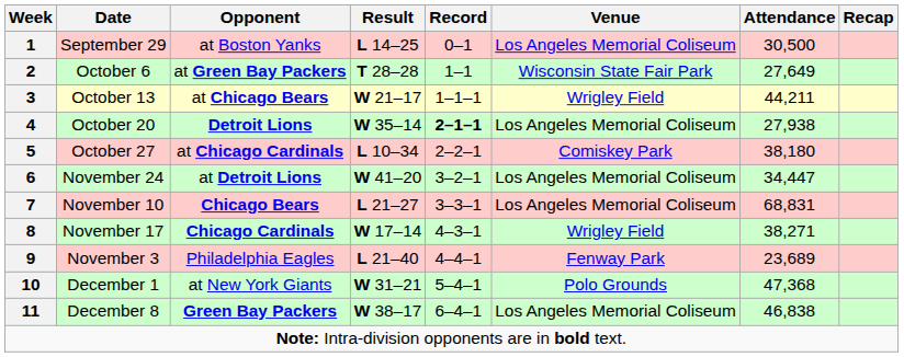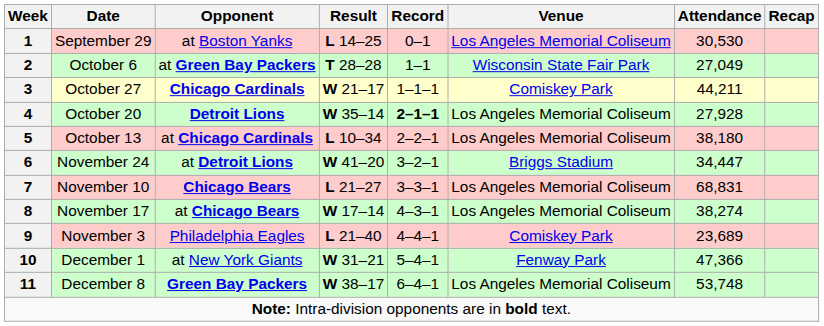 <table class="wikitable" style="text-align:center">
 <tr>
 <th>Week</th>
 <th>Date</th>
 <th>Opponent</th>
 <th>Result</th>
 <th>Record</th>
 <th>Venue</th>
 <th>Attendance</th>
 <th>Recap</th>
 </tr>
 <tr style="background:#fcc">
 <th>1</th>
 <td>September 29</td>
 <td>at <a href='#'>Boston Yanks</a></td>
 <td><strong>L</strong> 14–25</td>
 <td>0–1</td>
 <td><a href='#'>Los Angeles Memorial Coliseum</a></td>
-<td>30,500</td>
+<td>30,530</td>
 <td></td>
 </tr>
 <tr style="background:#cfc">
 <th>2</th>
 <td>October 6</td>
 <td>at <strong><a href='#'>Green Bay Packers</a></strong></td>
 <td><strong>T</strong> 28–28</td>
 <td>1–1</td>
 <td><a href='#'>Wisconsin State Fair Park</a></td>
-<td>27,649</td>
+<td>27,049</td>
 <td></td>
 </tr>
 <tr style="background:#ffc">
 <th>3</th>
-<td>October 13</td>
-<td>at <strong><a href='#'>Chicago Bears</a></strong></td>
+<td>October 27</td>
+<td><strong><a href='#'>Chicago Cardinals</a></strong></td>
 <td><strong>W</strong> 21–17</td>
 <td>1–1–1</td>
-<td><a href='#'>Wrigley Field</a></td>
+<td><a href='#'>Comiskey Park</a></td>
 <td>44,211</td>
 <td></td>
 </tr>
 <tr style="background:#cfc">
 <th>4</th>
 <td>October 20</td>
 <td><strong><a href='#'>Detroit Lions</a></strong></td>
 <td><strong>W</strong> 35–14</td>
 <td><strong>2–1–1</strong></td>
 <td>Los Angeles Memorial Coliseum</td>
-<td>27,938</td>
+<td>27,928</td>
 <td></td>
 </tr>
 <tr style="background:#fcc">
 <th>5</th>
-<td>October 27</td>
+<td>October 13</td>
 <td>at <strong><a href='#'>Chicago Cardinals</a></strong></td>
 <td><strong>L</strong> 10–34</td>
 <td>2–2–1</td>
-<td><a href='#'>Comiskey Park</a></td>
+<td>Los Angeles Memorial Coliseum</td>
 <td>38,180</td>
 <td></td>
 </tr>
 <tr style="background:#cfc">
 <th>6</th>
 <td>November 24</td>
 <td>at <strong><a href='#'>Detroit Lions</a></strong></td>
 <td><strong>W</strong> 41–20</td>
 <td>3–2–1</td>
-<td>Los Angeles Memorial Coliseum</td>
+<td><a href='#'>Briggs Stadium</a></td>
 <td>34,447</td>
 <td></td>
 </tr>
 <tr style="background:#fcc">
 <th>7</th>
 <td>November 10</td>
 <td><strong><a href='#'>Chicago Bears</a></strong></td>
 <td><strong>L</strong> 21–27</td>
 <td>3–3–1</td>
 <td>Los Angeles Memorial Coliseum</td>
 <td>68,831</td>
 <td></td>
 </tr>
 <tr style="background:#cfc">
 <th>8</th>
 <td>November 17</td>
-<td><strong><a href='#'>Chicago Cardinals</a></strong></td>
+<td>at <strong><a href='#'>Chicago Bears</a></strong></td>
 <td><strong>W</strong> 17–14</td>
 <td>4–3–1</td>
-<td><a href='#'>Wrigley Field</a></td>
-<td>38,271</td>
+<td>Los Angeles Memorial Coliseum</td>
+<td>38,274</td>
 <td></td>
 </tr>
 <tr style="background:#fcc">
 <th>9</th>
 <td>November 3</td>
 <td><a href='#'>Philadelphia Eagles</a></td>
 <td><strong>L</strong> 21–40</td>
 <td>4–4–1</td>
-<td><a href='#'>Fenway Park</a></td>
+<td><a href='#'>Comiskey Park</a></td>
 <td>23,689</td>
 <td></td>
 </tr>
 <tr style="background:#cfc">
 <th>10</th>
 <td>December 1</td>
 <td>at <a href='#'>New York Giants</a></td>
 <td><strong>W</strong> 31–21</td>
 <td>5–4–1</td>
-<td><a href='#'>Polo Grounds</a></td>
-<td>47,368</td>
+<td><a href='#'>Fenway Park</a></td>
+<td>47,366</td>
 <td></td>
 </tr>
 <tr style="background:#cfc">
 <th>11</th>
 <td>December 8</td>
 <td><strong><a href='#'>Green Bay Packers</a></strong></td>
 <td><strong>W</strong> 38–17</td>
 <td>6–4–1</td>
 <td>Los Angeles Memorial Coliseum</td>
-<td>46,838</td>
+<td>53,748</td>
 <td></td>
 </tr>
 <tr>
 <td colspan="8"><strong>Note:</strong> Intra-division opponents are in <strong>bold</strong> text.</td>
 </tr>
 </table>
